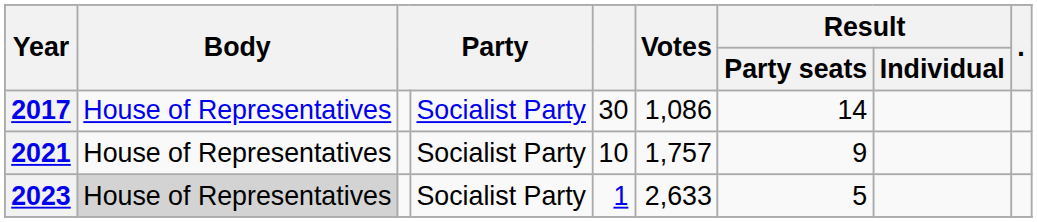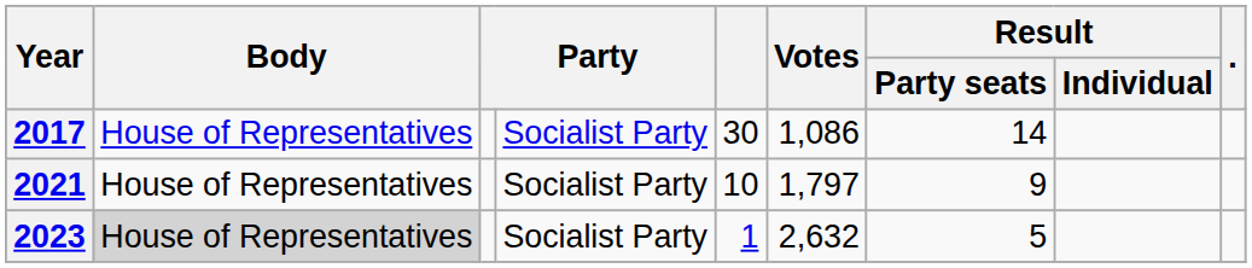 <table class="wikitable plainrowheaders sortable" border=2 cellpadding=4 cellspacing=0 style="border: 1px #aaa solid; font-size: 90%; text-align:center;">
 <tr>
 <th scope="col" rowspan=2>Year</th>
 <th scope="col" rowspan=2>Body</th>
 <th scope="col" colspan=2 rowspan=2>Party</th>
 <th scope="col" rowspan=2></th>
 <th scope="col" rowspan=2>Votes</th>
 <th scope="colgroup" colspan=2>Result</th>
 <th scope="col" rowspan=2 class="unsortable">.</th>
 </tr>
 <tr>
 <th scope="col">Party seats</th>
 <th scope="col">Individual</th>
 </tr>
 <tr>
 <th scope="row"><a href='#'>2017</a></th>
 <td><a href='#'>House of Representatives</a></td>
 <td style="background-color:"></td>
 <td><a href='#'>Socialist Party</a></td>
 <td style=text-align:right>30</td>
 <td style=text-align:right>1,086</td>
 <td style=text-align:right>14</td>
 <td></td>
 <td></td>
 </tr>
 <tr>
 <th scope="row"><a href='#'>2021</a></th>
 <td>House of Representatives</td>
 <td style="background-color:"></td>
 <td>Socialist Party</td>
 <td style=text-align:right>10</td>
-<td style=text-align:right>1,757</td>
+<td style=text-align:right>1,797</td>
 <td style=text-align:right>9</td>
 <td></td>
 <td></td>
 </tr>
 <tr>
 <th scope="row"><a href='#'>2023</a></th>
 <td style="background: lightgrey;">House of Representatives</td>
 <td style="background-color:"></td>
 <td>Socialist Party</td>
 <td style=text-align:right><a href='#'>1</a></td>
-<td style=text-align:right>2,633</td>
+<td style=text-align:right>2,632</td>
 <td style=text-align:right>5</td>
 <td></td>
 <td></td>
 </tr>
 </table>
